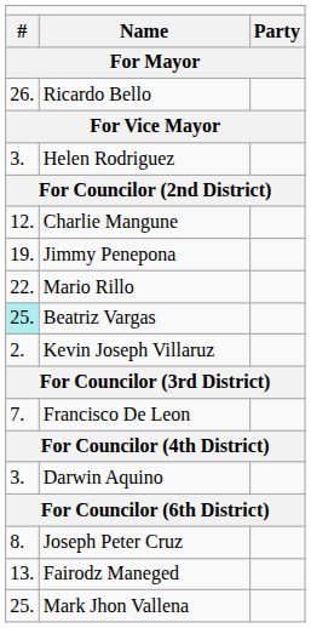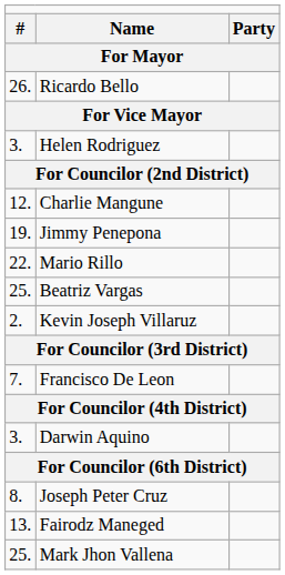 <table class=wikitable style="font-size:90%">
 <tr>
 <td colspan=4 bgcolor=></td>
 </tr>
 <tr>
 <th>#</th>
 <th width=150px>Name</th>
 <th colspan=2>Party</th>
 </tr>
 <tr>
 <th colspan=5>For Mayor</th>
 </tr>
 <tr>
 <td>26.</td>
 <td>Ricardo Bello</td>
 <td></td>
 </tr>
 <tr>
 <th colspan=5>For Vice Mayor</th>
 </tr>
 <tr>
 <td>3.</td>
 <td>Helen Rodriguez</td>
 <td></td>
 </tr>
 <tr>
 <th colspan=5>For Councilor (2nd District)</th>
 </tr>
 <tr>
 <td>12.</td>
 <td>Charlie Mangune</td>
 <td></td>
 </tr>
 <tr>
 <td>19.</td>
 <td>Jimmy Penepona</td>
 <td></td>
 </tr>
 <tr>
 <td>22.</td>
 <td>Mario Rillo</td>
 <td></td>
 </tr>
 <tr>
-<td style="background: paleturquoise;">25.</td>
+<td>25.</td>
 <td>Beatriz Vargas</td>
 <td></td>
 </tr>
 <tr>
 <td>2.</td>
 <td>Kevin Joseph Villaruz</td>
 <td></td>
 </tr>
 <tr>
 <th colspan=5>For Councilor (3rd District)</th>
 </tr>
 <tr>
 <td>7.</td>
 <td>Francisco De Leon</td>
 <td></td>
 </tr>
 <tr>
 <th colspan=5>For Councilor (4th District)</th>
 </tr>
 <tr>
 <td>3.</td>
 <td>Darwin Aquino</td>
 <td></td>
 </tr>
 <tr>
 <th colspan=5>For Councilor (6th District)</th>
 </tr>
 <tr>
 <td>8.</td>
 <td>Joseph Peter Cruz</td>
 <td></td>
 </tr>
 <tr>
 <td>13.</td>
 <td>Fairodz Maneged</td>
 <td></td>
 </tr>
 <tr>
 <td>25.</td>
 <td>Mark Jhon Vallena</td>
 <td></td>
 </tr>
 </table>
